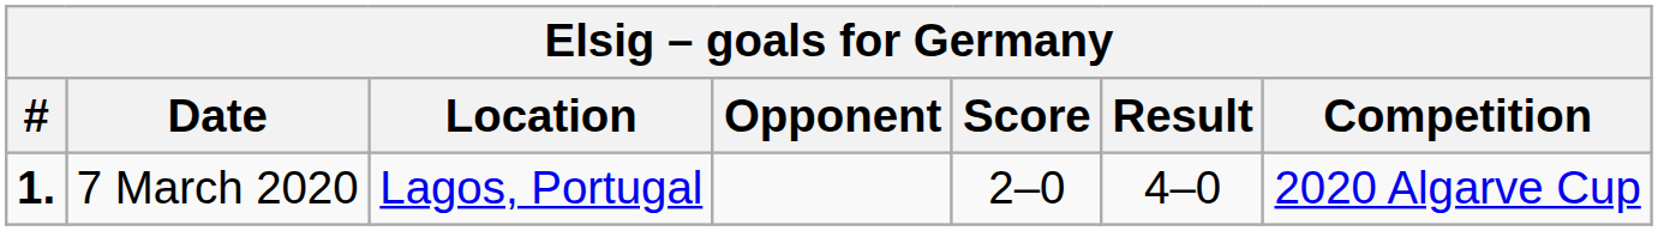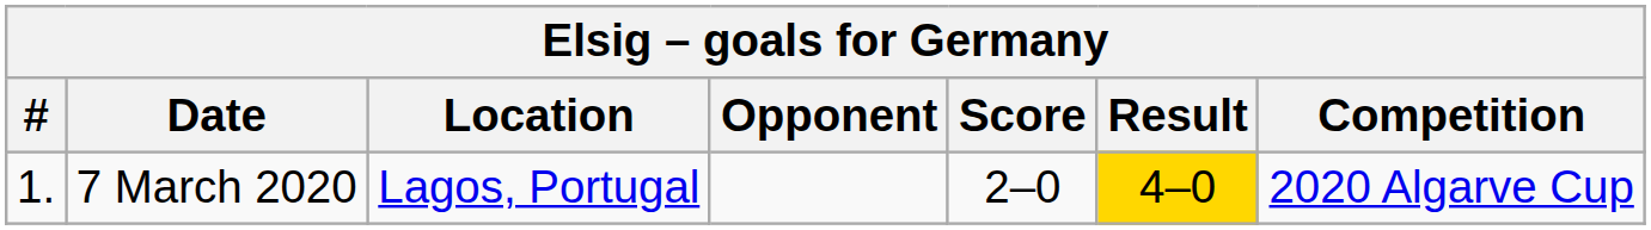 <table class="wikitable">
 <tr>
 <th colspan="7"><strong>Elsig – goals for Germany</strong></th>
 </tr>
 <tr>
 <th>#</th>
 <th>Date</th>
 <th>Location</th>
 <th>Opponent</th>
 <th>Score</th>
 <th>Result</th>
 <th>Competition</th>
 </tr>
 <tr>
-<td align=center><strong>1.</strong></td>
+<td align=center>1.</td>
 <td>7 March 2020</td>
 <td><a href='#'>Lagos, Portugal</a></td>
 <td></td>
 <td align=center>2–0</td>
-<td align=center>4–0</td>
+<td align=center style="background: gold;">4–0</td>
 <td><a href='#'>2020 Algarve Cup</a></td>
 </tr>
 </table>
